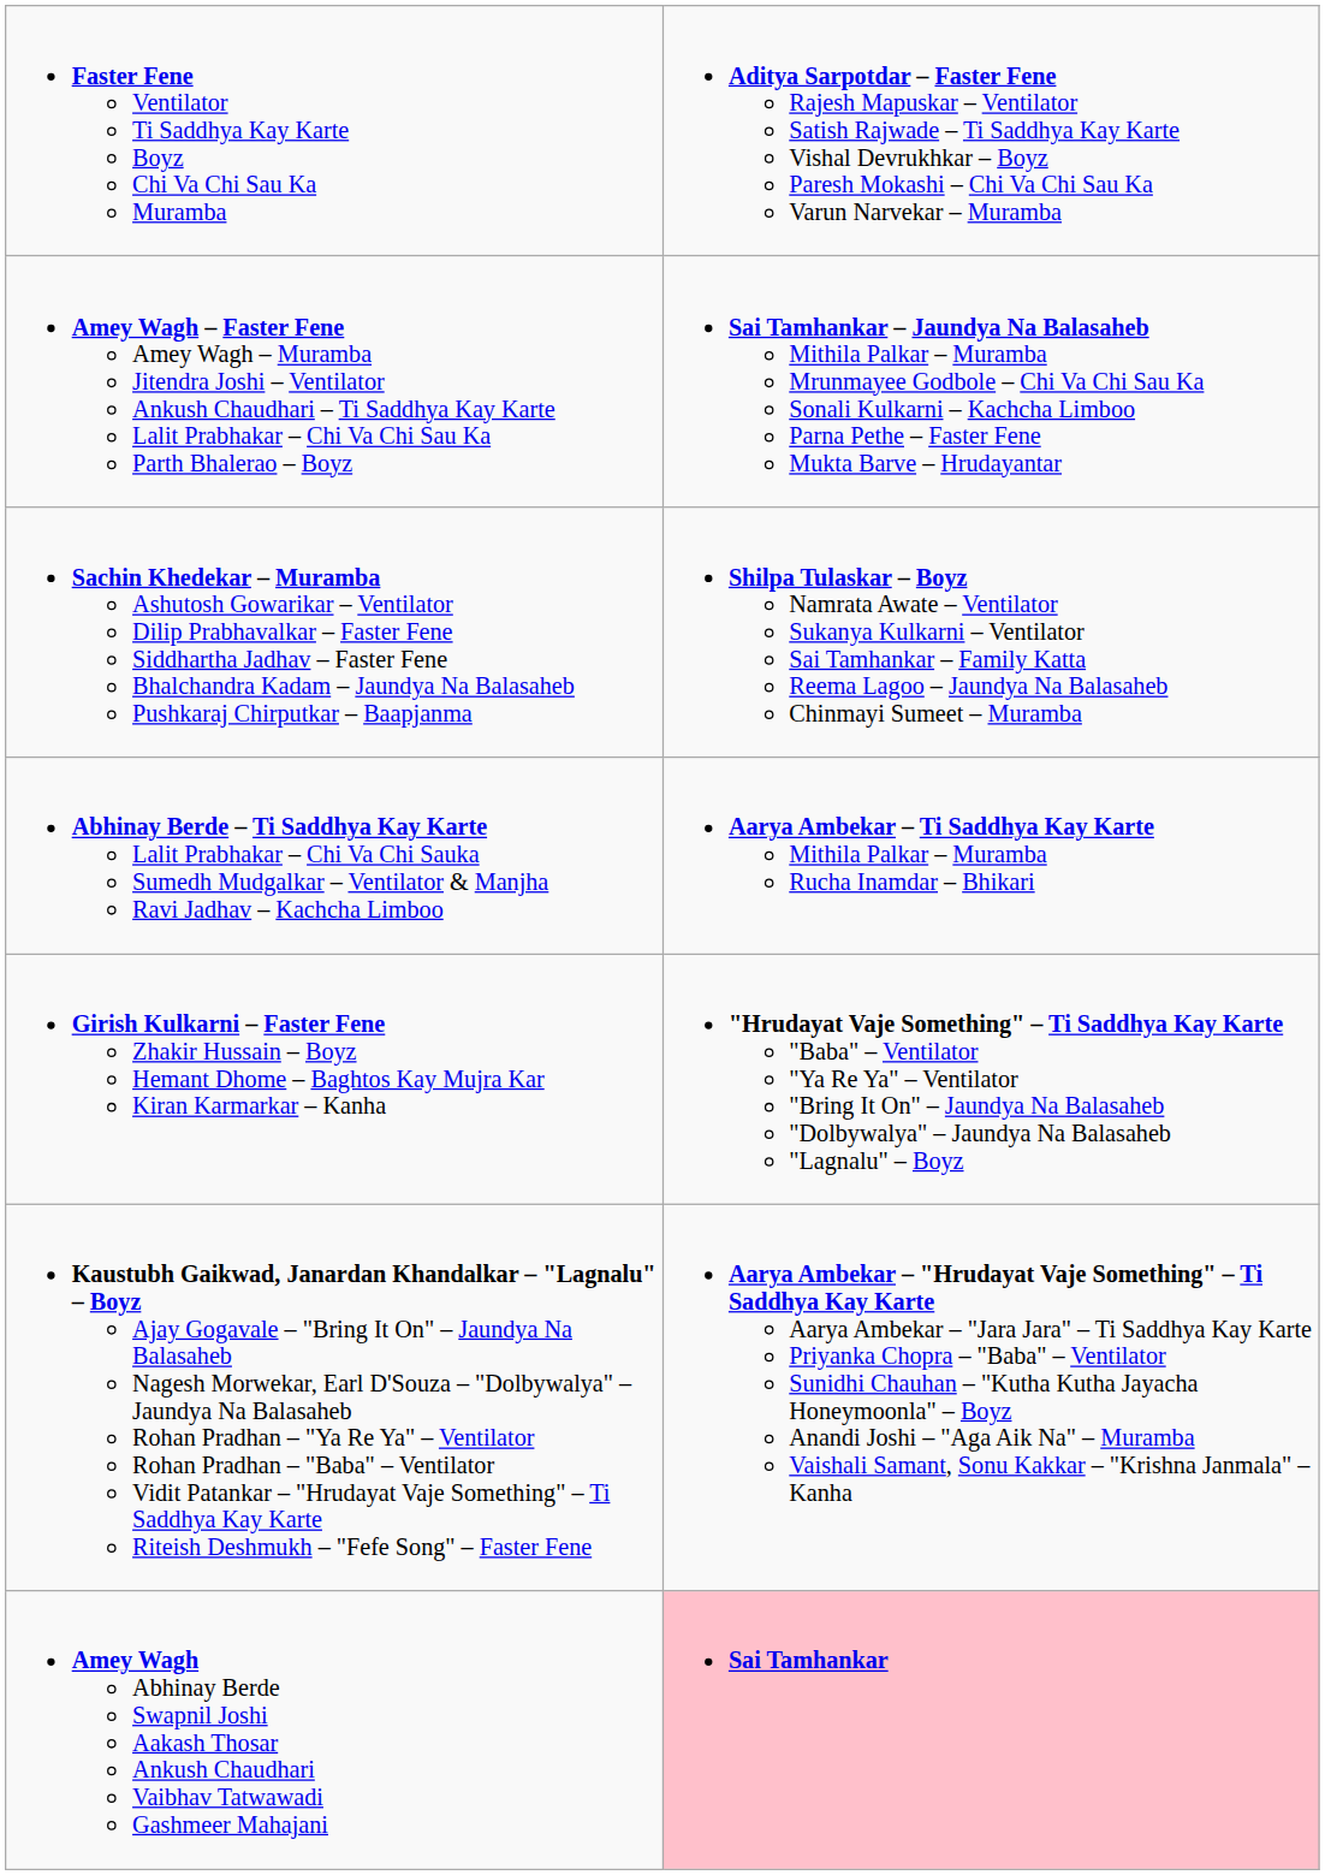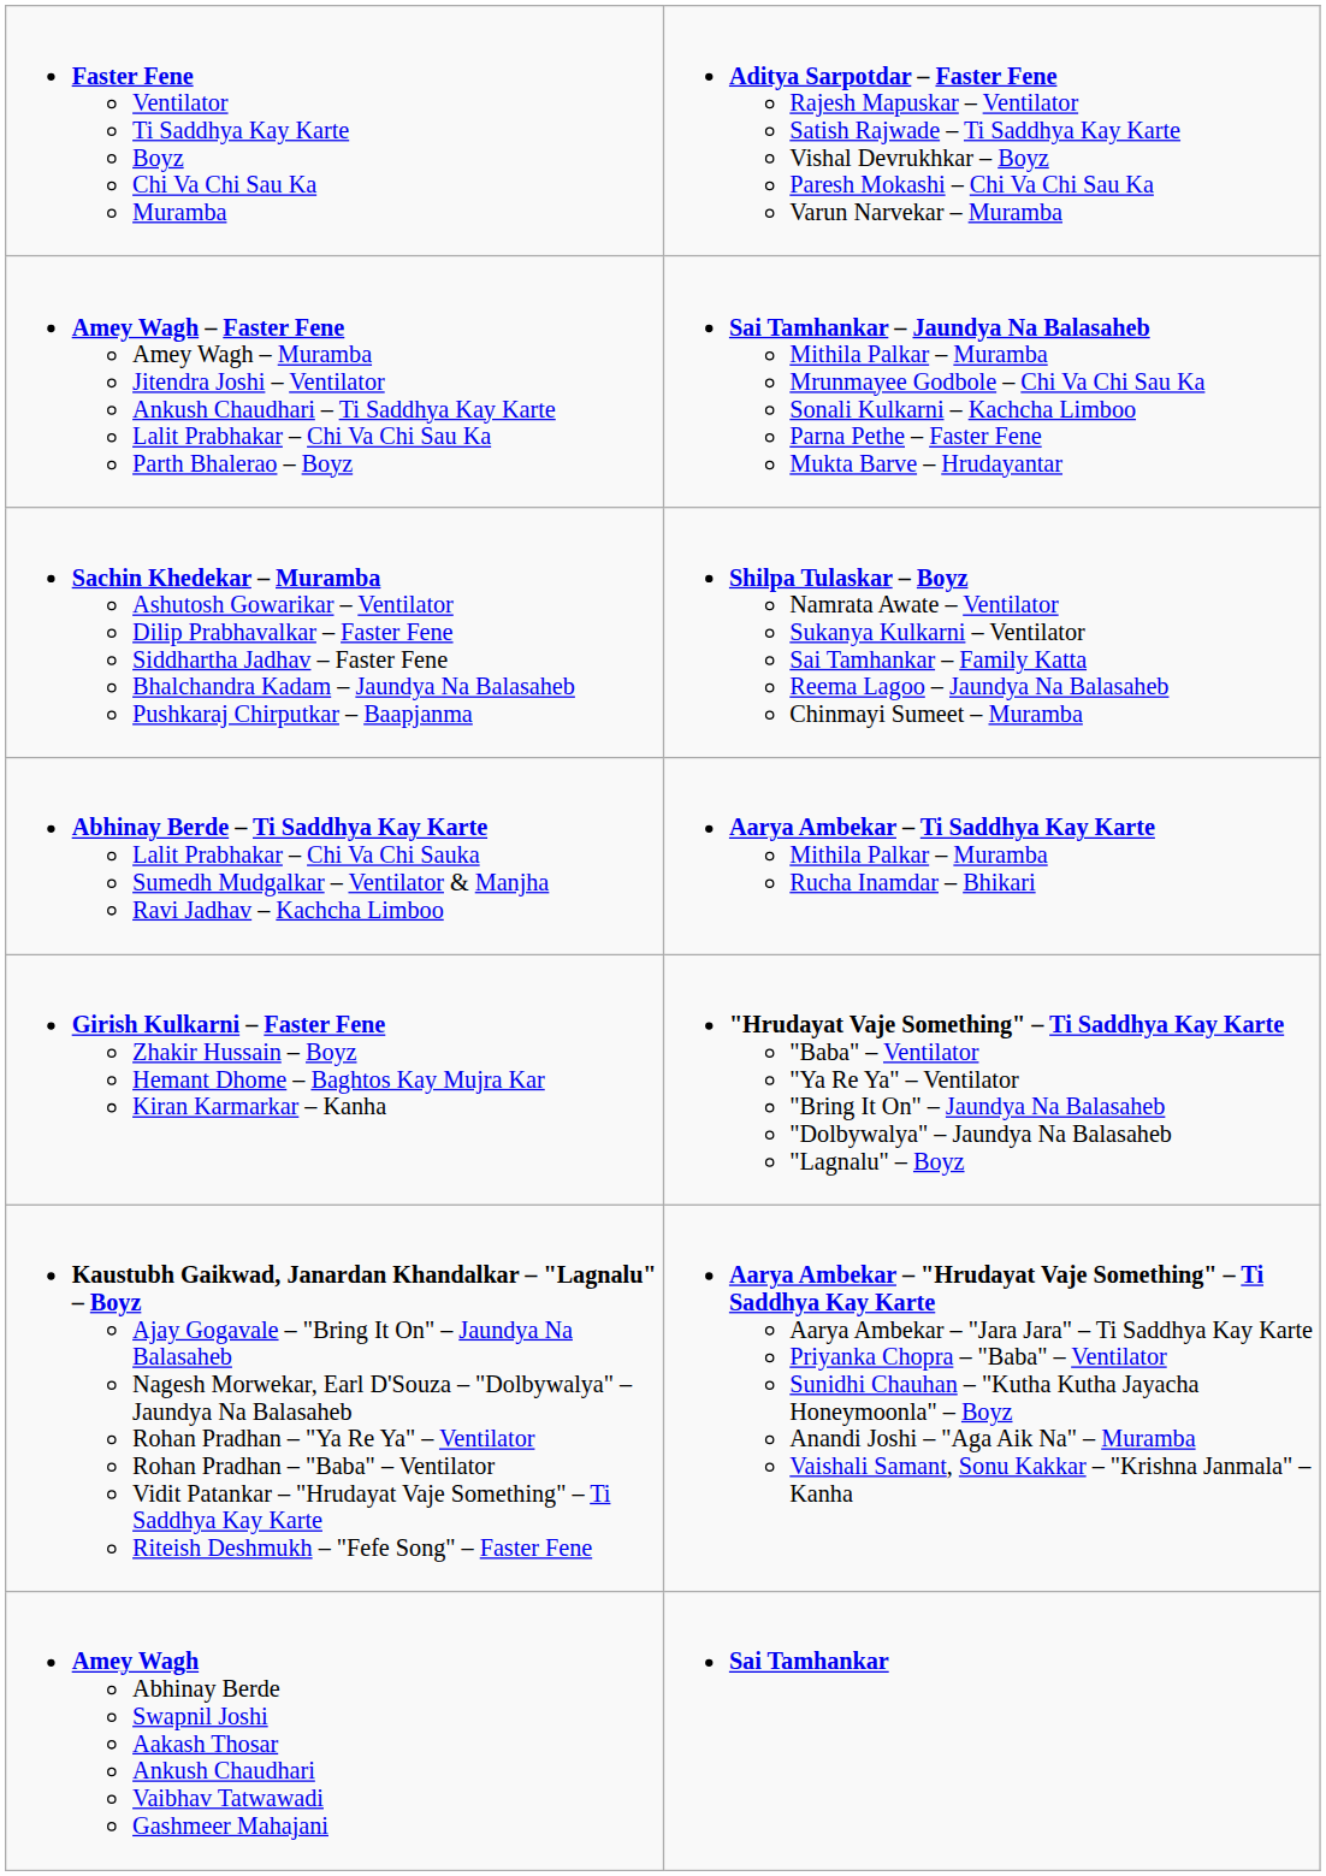 <table class="wikitable" role="presentation">
 <tr>
 <td style="vertical-align:top; width:50%;"><br><ul><li><strong><a href='#'>Faster Fene</a></strong><ul><li><a href='#'>Ventilator</a></li><li><a href='#'>Ti Saddhya Kay Karte</a></li><li><a href='#'>Boyz</a></li><li><a href='#'>Chi Va Chi Sau Ka</a></li><li><a href='#'>Muramba</a></li></ul></li></ul></td>
 <td style="vertical-align:top; width:50%;"><br><ul><li><strong><a href='#'>Aditya Sarpotdar</a> – <a href='#'>Faster Fene</a></strong><ul><li><a href='#'>Rajesh Mapuskar</a> – <a href='#'>Ventilator</a></li><li><a href='#'>Satish Rajwade</a> – <a href='#'>Ti Saddhya Kay Karte</a></li><li>Vishal Devrukhkar – <a href='#'>Boyz</a></li><li><a href='#'>Paresh Mokashi</a> – <a href='#'>Chi Va Chi Sau Ka</a></li><li>Varun Narvekar – <a href='#'>Muramba</a></li></ul></li></ul></td>
 </tr>
 <tr>
 <td style="vertical-align:top; width:50%;"><br><ul><li><strong><a href='#'>Amey Wagh</a> – <a href='#'>Faster Fene</a></strong><ul><li>Amey Wagh – <a href='#'>Muramba</a></li><li><a href='#'>Jitendra Joshi</a> – <a href='#'>Ventilator</a></li><li><a href='#'>Ankush Chaudhari</a> – <a href='#'>Ti Saddhya Kay Karte</a></li><li><a href='#'>Lalit Prabhakar</a> – <a href='#'>Chi Va Chi Sau Ka</a></li><li><a href='#'>Parth Bhalerao</a> – <a href='#'>Boyz</a></li></ul></li></ul></td>
 <td style="vertical-align:top; width:50%;"><br><ul><li><strong><a href='#'>Sai Tamhankar</a> – <a href='#'>Jaundya Na Balasaheb</a></strong><ul><li><a href='#'>Mithila Palkar</a> – <a href='#'>Muramba</a></li><li><a href='#'>Mrunmayee Godbole</a> – <a href='#'>Chi Va Chi Sau Ka</a></li><li><a href='#'>Sonali Kulkarni</a> – <a href='#'>Kachcha Limboo</a></li><li><a href='#'>Parna Pethe</a> – <a href='#'>Faster Fene</a></li><li><a href='#'>Mukta Barve</a> – <a href='#'>Hrudayantar</a></li></ul></li></ul></td>
 </tr>
 <tr>
 <td style="vertical-align:top; width:50%;"><br><ul><li><strong><a href='#'>Sachin Khedekar</a> – <a href='#'>Muramba</a></strong><ul><li><a href='#'>Ashutosh Gowarikar</a> – <a href='#'>Ventilator</a></li><li><a href='#'>Dilip Prabhavalkar</a> – <a href='#'>Faster Fene</a></li><li><a href='#'>Siddhartha Jadhav</a> – Faster Fene</li><li><a href='#'>Bhalchandra Kadam</a> – <a href='#'>Jaundya Na Balasaheb</a></li><li><a href='#'>Pushkaraj Chirputkar</a> – <a href='#'>Baapjanma</a></li></ul></li></ul></td>
 <td style="vertical-align:top; width:50%;"><br><ul><li><strong><a href='#'>Shilpa Tulaskar</a> – <a href='#'>Boyz</a></strong><ul><li>Namrata Awate – <a href='#'>Ventilator</a></li><li><a href='#'>Sukanya Kulkarni</a> – Ventilator</li><li><a href='#'>Sai Tamhankar</a> – <a href='#'>Family Katta</a></li><li><a href='#'>Reema Lagoo</a> – <a href='#'>Jaundya Na Balasaheb</a></li><li>Chinmayi Sumeet – <a href='#'>Muramba</a></li></ul></li></ul></td>
 </tr>
 <tr>
 <td style="vertical-align:top; width:50%;"><br><ul><li><strong><a href='#'>Abhinay Berde</a> – <a href='#'>Ti Saddhya Kay Karte</a></strong><ul><li><a href='#'>Lalit Prabhakar</a> – <a href='#'>Chi Va Chi Sauka</a></li><li><a href='#'>Sumedh Mudgalkar</a> – <a href='#'>Ventilator</a> & <a href='#'>Manjha</a></li><li><a href='#'>Ravi Jadhav</a> – <a href='#'>Kachcha Limboo</a></li></ul></li></ul></td>
 <td style="vertical-align:top; width:50%;"><br><ul><li><strong><a href='#'>Aarya Ambekar</a> – <a href='#'>Ti Saddhya Kay Karte</a></strong><ul><li><a href='#'>Mithila Palkar</a> – <a href='#'>Muramba</a></li><li><a href='#'>Rucha Inamdar</a> – <a href='#'>Bhikari</a></li></ul></li></ul></td>
 </tr>
 <tr>
 <td style="vertical-align:top; width:50%;"><br><ul><li><strong><a href='#'>Girish Kulkarni</a> – <a href='#'>Faster Fene</a></strong><ul><li><a href='#'>Zhakir Hussain</a> – <a href='#'>Boyz</a></li><li><a href='#'>Hemant Dhome</a> – <a href='#'>Baghtos Kay Mujra Kar</a></li><li><a href='#'>Kiran Karmarkar</a> – Kanha</li></ul></li></ul></td>
 <td style="vertical-align:top; width:50%;"><br><ul><li><strong>"Hrudayat Vaje Something" – <a href='#'>Ti Saddhya Kay Karte</a></strong><ul><li>"Baba" – <a href='#'>Ventilator</a></li><li>"Ya Re Ya" – Ventilator</li><li>"Bring It On" – <a href='#'>Jaundya Na Balasaheb</a></li><li>"Dolbywalya" – Jaundya Na Balasaheb</li><li>"Lagnalu" – <a href='#'>Boyz</a></li></ul></li></ul></td>
 </tr>
 <tr>
 <td style="vertical-align:top; width:50%;"><br><ul><li><strong>Kaustubh Gaikwad, Janardan Khandalkar – "Lagnalu" – <a href='#'>Boyz</a></strong><ul><li><a href='#'>Ajay Gogavale</a> – "Bring It On" – <a href='#'>Jaundya Na Balasaheb</a></li><li>Nagesh Morwekar, Earl D'Souza – "Dolbywalya" – Jaundya Na Balasaheb</li><li>Rohan Pradhan – "Ya Re Ya" – <a href='#'>Ventilator</a></li><li>Rohan Pradhan – "Baba" – Ventilator</li><li>Vidit Patankar  – "Hrudayat Vaje Something" – <a href='#'>Ti Saddhya Kay Karte</a></li><li><a href='#'>Riteish Deshmukh</a> – "Fefe Song" – <a href='#'>Faster Fene</a></li></ul></li></ul></td>
 <td style="vertical-align:top; width:50%;"><br><ul><li><strong><a href='#'>Aarya Ambekar</a> – "Hrudayat Vaje Something" – <a href='#'>Ti Saddhya Kay Karte</a></strong><ul><li>Aarya Ambekar – "Jara Jara" – Ti Saddhya Kay Karte</li><li><a href='#'>Priyanka Chopra</a> – "Baba" – <a href='#'>Ventilator</a></li><li><a href='#'>Sunidhi Chauhan</a> – "Kutha Kutha Jayacha Honeymoonla" – <a href='#'>Boyz</a></li><li>Anandi Joshi – "Aga Aik Na" – <a href='#'>Muramba</a></li><li><a href='#'>Vaishali Samant</a>, <a href='#'>Sonu Kakkar</a> – "Krishna Janmala" – Kanha</li></ul></li></ul></td>
 </tr>
 <tr>
 <td style="vertical-align:top; width:50%;"><br><ul><li><strong><a href='#'>Amey Wagh</a></strong><ul><li>Abhinay Berde</li><li><a href='#'>Swapnil Joshi</a></li><li><a href='#'>Aakash Thosar</a></li><li><a href='#'>Ankush Chaudhari</a></li><li><a href='#'>Vaibhav Tatwawadi</a></li><li><a href='#'>Gashmeer Mahajani</a></li></ul></li></ul></td>
-<td style="background: pink; vertical-align:top; width:50%;"><br><ul><li><strong><a href='#'>Sai Tamhankar</a></strong></li></ul></td>
+<td style="vertical-align:top; width:50%;"><br><ul><li><strong><a href='#'>Sai Tamhankar</a></strong></li></ul></td>
 </tr>
 </table>
